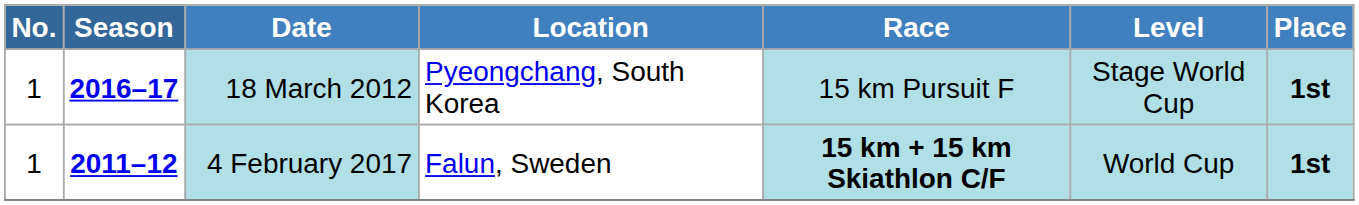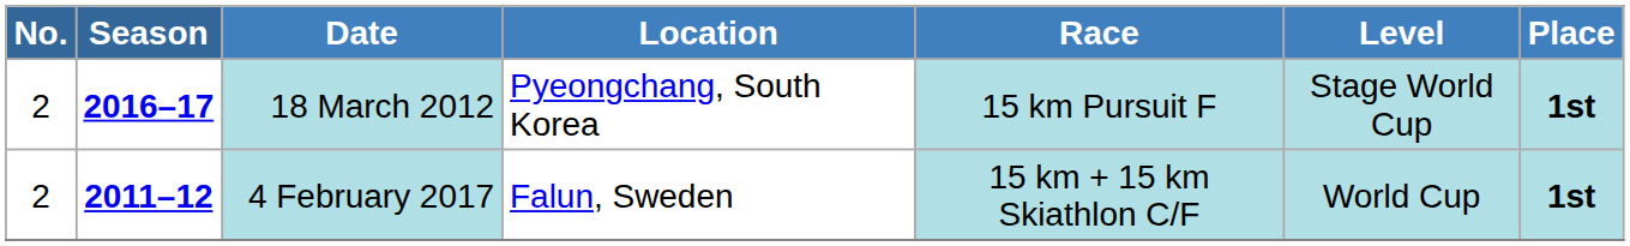 <table class="wikitable sortable" style="font-size:95%; text-align:center; border:grey solid 1px; border-collapse:collapse; background:#ffffff;">
 <tr style="background:#efefef;">
 <th style="background-color:#369; color:white;">No.</th>
 <th style="background-color:#369; color:white;">Season</th>
 <th style="background-color:#4180be; color:white; width:120px;">Date</th>
 <th style="background-color:#4180be; color:white; width:180px;">Location</th>
 <th style="background-color:#4180be; color:white; width:160px;">Race</th>
 <th style="background-color:#4180be; color:white; width:100px;">Level</th>
 <th style="background-color:#4180be; color:white;">Place</th>
 </tr>
 <tr>
-<td align=center>1</td>
+<td align=center>2</td>
 <td rowspan=1 align=center><strong><a href='#'>2016–17</a></strong></td>
 <td bgcolor="#BOEOE6" align=right>18 March 2012</td>
 <td align=left> <a href='#'>Pyeongchang</a>, South Korea</td>
 <td bgcolor="#BOEOE6">15 km Pursuit F</td>
 <td bgcolor="#BOEOE6">Stage World Cup</td>
 <td bgcolor="#BOEOE6"><strong>1st</strong></td>
 </tr>
 <tr>
-<td align=center>1</td>
+<td align=center>2</td>
 <td rowspan=1 align=center><strong><a href='#'>2011–12</a></strong></td>
 <td bgcolor="#BOEOE6" align=right>4 February 2017</td>
 <td align=left> <a href='#'>Falun</a>, Sweden</td>
-<td bgcolor="#BOEOE6"><strong>15 km + 15 km Skiathlon C/F</strong></td>
+<td bgcolor="#BOEOE6">15 km + 15 km Skiathlon C/F</td>
 <td bgcolor="#BOEOE6">World Cup</td>
 <td bgcolor="#BOEOE6"><strong>1st</strong></td>
 </tr>
 <tr>
 </tr>
 </table>
